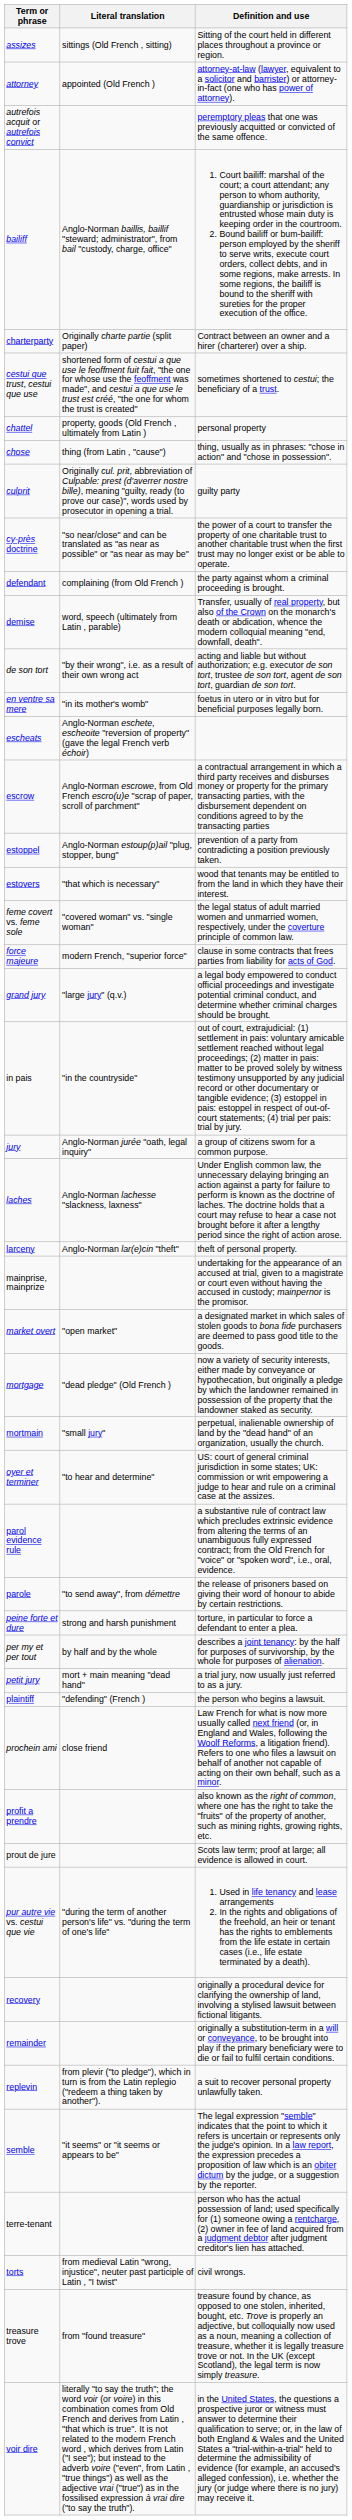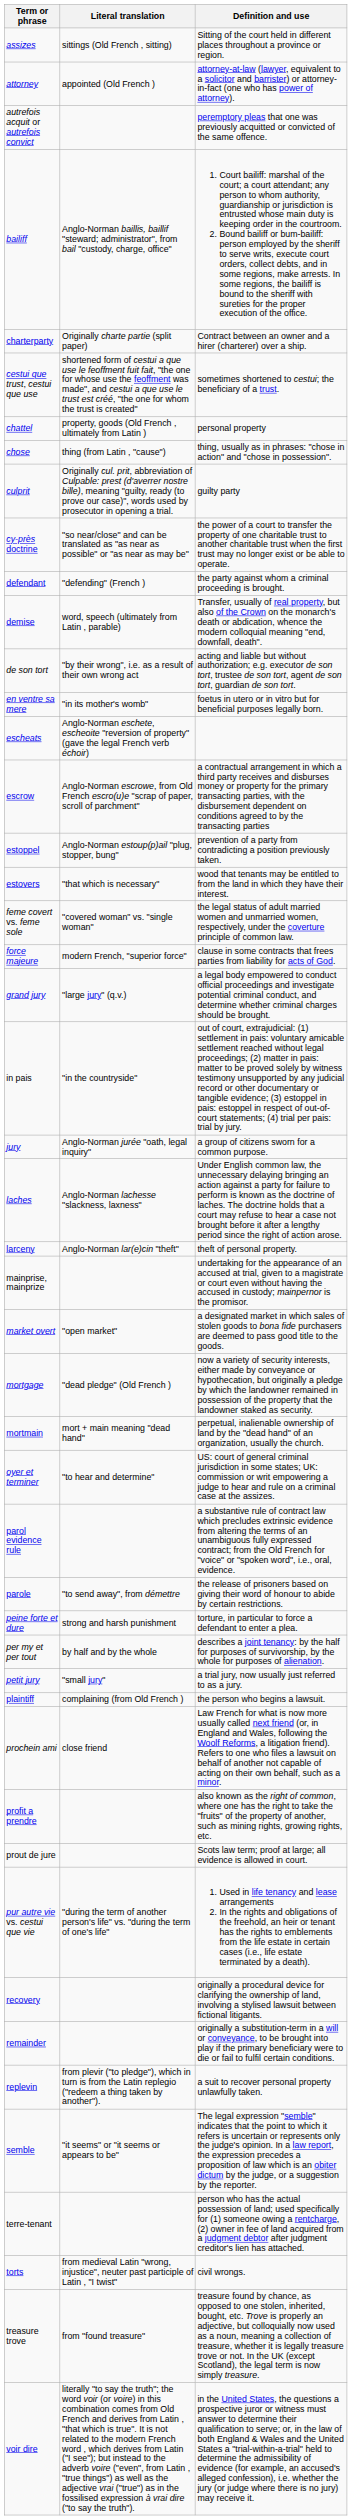 <table class="wikitable" width="100%">
 <tr>
 <th>Term or phrase</th>
 <th>Literal translation</th>
 <th>Definition and use</th>
 </tr>
 <tr>
 <td> <em><a href='#'>assizes</a></em></td>
 <td>sittings (Old French <em></em>, sitting)</td>
 <td>Sitting of the court held in different places throughout a province or region.</td>
 </tr>
 <tr>
 <td><em><a href='#'>attorney</a></em></td>
 <td>appointed (Old French <em></em>)</td>
 <td><a href='#'>attorney-at-law</a> (<a href='#'>lawyer</a>, equivalent to a <a href='#'>solicitor</a> and <a href='#'>barrister</a>) or attorney-in-fact (one who has <a href='#'>power of attorney</a>).</td>
 </tr>
 <tr>
 <td><em>autrefois acquit</em> or <em><a href='#'>autrefois convict</a></em></td>
 <td></td>
 <td><a href='#'>peremptory pleas</a> that one was previously acquitted or convicted of the same offence.</td>
 </tr>
 <tr>
 <td> <em><a href='#'>bailiff</a></em></td>
 <td>Anglo-Norman <em>baillis, baillif</em> "steward; administrator", from <em>bail</em> "custody, charge, office"</td>
 <td><br><ol><li>Court bailiff: marshal of the court; a court attendant; any person to whom authority, guardianship or jurisdiction is entrusted whose main duty is keeping order in the courtroom.</li><li>Bound bailiff or bum-bailiff: person employed by the sheriff to serve writs, execute court orders, collect debts, and in some regions, make arrests. In some regions, the bailiff is bound to the sheriff with sureties for the proper execution of the office.</li></ol></td>
 </tr>
 <tr>
 <td> <a href='#'>charterparty</a></td>
 <td>Originally <em>charte partie</em> (split paper)</td>
 <td>Contract between an owner and a hirer (charterer) over a ship.</td>
 </tr>
 <tr>
 <td> <em><a href='#'>cestui que</a> trust</em>, <em>cestui que use</em></td>
 <td>shortened form of <em>cestui a que use le feoffment fuit fait</em>, "the one for whose use the <a href='#'>feoffment</a> was made", and <em>cestui a que use le trust est créé</em>, "the one for whom the trust is created"</td>
 <td>sometimes shortened to <em>cestui</em>; the beneficiary of a <a href='#'>trust</a>.</td>
 </tr>
 <tr>
 <td><em><a href='#'>chattel</a></em></td>
 <td>property, goods (Old French <em></em>, ultimately from Latin <em></em>)</td>
 <td>personal property</td>
 </tr>
 <tr>
 <td><em><a href='#'>chose</a></em></td>
 <td>thing (from Latin <em></em>, "cause")</td>
 <td>thing, usually as in phrases: "chose in action" and "chose in possession".</td>
 </tr>
 <tr>
 <td><em><a href='#'>culprit</a></em></td>
 <td>Originally <em>cul. prit</em>, abbreviation of <em>Culpable: prest (d'averrer nostre bille)</em>, meaning "guilty, ready (to prove our case)", words used by prosecutor in opening a trial.</td>
 <td>guilty party</td>
 </tr>
 <tr>
 <td><a href='#'><em>cy-près</em> doctrine</a></td>
 <td>"so near/close" and can be translated as "as near as possible" or "as near as may be"</td>
 <td>the power of a court to transfer the property of one charitable trust to another charitable trust when the first trust may no longer exist or be able to operate.</td>
 </tr>
 <tr>
 <td><a href='#'>defendant</a></td>
-<td>complaining (from Old French <em></em>)</td>
+<td>"defending" (French <em></em>)</td>
 <td>the party against whom a criminal proceeding is brought.</td>
 </tr>
 <tr>
 <td><a href='#'>demise</a></td>
 <td>word, speech (ultimately from Latin <em></em>, parable)</td>
 <td>Transfer, usually of <a href='#'>real property</a>, but also <a href='#'>of the Crown</a> on the monarch's death or abdication, whence the modern colloquial meaning "end, downfall, death".</td>
 </tr>
 <tr>
 <td><em>de son tort</em></td>
 <td>"by their wrong", i.e. as a result of their own wrong act</td>
 <td>acting and liable but without authorization; e.g. executor <em>de son tort</em>, trustee <em>de son tort</em>, agent <em>de son tort</em>, guardian <em>de son tort</em>.</td>
 </tr>
 <tr>
 <td><em><a href='#'>en ventre sa mere</a></em></td>
 <td>"in its mother's womb"</td>
 <td>foetus in utero or in vitro but for beneficial purposes legally born.</td>
 </tr>
 <tr>
 <td> <em><a href='#'>escheats</a></em></td>
 <td>Anglo-Norman <em>eschete</em>, <em>escheoite</em> "reversion of property" (gave the legal French verb <em>échoir</em>)</td>
 <td></td>
 </tr>
 <tr>
 <td><a href='#'>escrow</a></td>
 <td>Anglo-Norman <em>escrowe</em>, from Old French <em>escro(u)e</em> "scrap of paper, scroll of parchment"</td>
 <td>a contractual arrangement in which a third party receives and disburses money or property for the primary transacting parties, with the disbursement dependent on conditions agreed to by the transacting parties</td>
 </tr>
 <tr>
 <td><a href='#'>estoppel</a></td>
 <td>Anglo-Norman <em>estoup(p)ail</em> "plug, stopper, bung"</td>
 <td>prevention of a party from contradicting a position previously taken.</td>
 </tr>
 <tr>
 <td><a href='#'>estovers</a></td>
 <td>"that which is necessary"</td>
 <td>wood that tenants may be entitled to from the land in which they have their interest.</td>
 </tr>
 <tr>
 <td><em>feme covert</em> vs. <em>feme sole</em></td>
 <td>"covered woman" vs. "single woman"</td>
 <td>the legal status of adult married women and unmarried women, respectively, under the <a href='#'>coverture</a> principle of common law.</td>
 </tr>
 <tr>
 <td> <em><a href='#'>force majeure</a></em></td>
 <td>modern French, "superior force"</td>
 <td>clause in some contracts that frees parties from liability for <a href='#'>acts of God</a>.</td>
 </tr>
 <tr>
 <td> <em><a href='#'>grand jury</a></em></td>
 <td>"large <a href='#'>jury</a>" (q.v.)</td>
 <td>a legal body empowered to conduct official proceedings and investigate potential criminal conduct, and determine whether criminal charges should be brought.</td>
 </tr>
 <tr>
 <td> in pais</td>
 <td>"in the countryside"</td>
 <td>out of court, extrajudicial: (1) settlement in pais: voluntary amicable settlement reached without legal proceedings; (2) matter in pais: matter to be proved solely by witness testimony unsupported by any judicial record or other documentary or tangible evidence; (3) estoppel in pais: estoppel in respect of out-of-court statements; (4) trial per pais: trial by jury.</td>
 </tr>
 <tr>
 <td> <em><a href='#'>jury</a></em></td>
 <td>Anglo-Norman <em>jurée</em> "oath, legal inquiry"</td>
 <td>a group of citizens sworn for a common purpose.</td>
 </tr>
 <tr>
 <td> <em><a href='#'>laches</a></em></td>
 <td>Anglo-Norman <em>lachesse</em> "slackness, laxness"</td>
 <td>Under English common law, the unnecessary delaying bringing an action against a party for failure to perform is known as the doctrine of laches. The doctrine holds that a court may refuse to hear a case not brought before it after a lengthy period since the right of action arose.</td>
 </tr>
 <tr>
 <td><a href='#'>larceny</a></td>
 <td>Anglo-Norman <em>lar(e)cin</em> "theft"</td>
 <td>theft of personal property.</td>
 </tr>
 <tr>
 <td> mainprise, mainprize</td>
 <td></td>
 <td>undertaking for the appearance of an accused at trial, given to a magistrate or court even without having the accused in custody; <em>mainpernor</em> is the promisor.</td>
 </tr>
 <tr>
 <td><em><a href='#'>market overt</a></em></td>
 <td>"open market"</td>
 <td>a designated market in which sales of stolen goods to <em>bona fide</em> purchasers are deemed to pass good title to the goods.</td>
 </tr>
 <tr>
 <td><em><a href='#'>mortgage</a></em></td>
 <td>"dead pledge" (Old French <em></em>)</td>
 <td>now a variety of security interests, either made by conveyance or hypothecation, but originally a pledge by which the landowner remained in possession of the property that the landowner staked as security.</td>
 </tr>
 <tr>
 <td><a href='#'>mortmain</a></td>
-<td>"small <a href='#'>jury</a>"</td>
+<td>mort + main meaning "dead hand"</td>
 <td>perpetual, inalienable ownership of land by the "dead hand" of an organization, usually the church.</td>
 </tr>
 <tr>
 <td> <em><a href='#'>oyer et terminer</a></em></td>
 <td>"to hear and determine"</td>
 <td>US: court of general criminal jurisdiction in some states; UK: commission or writ empowering a judge to hear and rule on a criminal case at the assizes.</td>
 </tr>
 <tr>
 <td> <a href='#'>parol evidence rule</a></td>
 <td></td>
 <td>a substantive rule of contract law which precludes extrinsic evidence from altering the terms of an unambiguous fully expressed contract; from the Old French for "voice" or "spoken word", i.e., oral, evidence.</td>
 </tr>
 <tr>
 <td><a href='#'>parole</a></td>
 <td>"to send away", from <em>démettre</em></td>
 <td>the release of prisoners based on giving their word of honour to abide by certain restrictions.</td>
 </tr>
 <tr>
 <td><em><a href='#'>peine forte et dure</a></em></td>
 <td>strong and harsh punishment</td>
 <td>torture, in particular to force a defendant to enter a plea.</td>
 </tr>
 <tr>
 <td><em>per my et per tout</em></td>
 <td>by half and by the whole</td>
 <td>describes a <a href='#'>joint tenancy</a>: by the half for purposes of survivorship, by the whole for purposes of <a href='#'>alienation</a>.</td>
 </tr>
 <tr>
 <td><em><a href='#'>petit jury</a></em></td>
-<td>mort + main meaning "dead hand"</td>
+<td>"small <a href='#'>jury</a>"</td>
 <td>a trial jury, now usually just referred to as a jury.</td>
 </tr>
 <tr>
 <td><a href='#'>plaintiff</a></td>
-<td>"defending" (French <em></em>)</td>
+<td>complaining (from Old French <em></em>)</td>
 <td>the person who begins a lawsuit.</td>
 </tr>
 <tr>
 <td><em>prochein ami</em></td>
 <td>close friend</td>
 <td>Law French for what is now more usually called <a href='#'>next friend</a> (or, in England and Wales, following the <a href='#'>Woolf Reforms</a>, a litigation friend). Refers to one who files a lawsuit on behalf of another not capable of acting on their own behalf, such as a <a href='#'>minor</a>.</td>
 </tr>
 <tr>
 <td><a href='#'>profit a prendre</a></td>
 <td></td>
 <td>also known as the <em>right of common</em>, where one has the right to take the "fruits" of the property of another, such as mining rights, growing rights, etc.</td>
 </tr>
 <tr>
 <td>prout de jure</td>
 <td></td>
 <td>Scots law term; proof at large; all evidence is allowed in court.</td>
 </tr>
 <tr>
 <td><em><a href='#'>pur autre vie</a></em> vs. <em>cestui que vie</em></td>
 <td>"during the term of another person's life" vs. "during the term of one's life"</td>
 <td><br><ol><li>Used in <a href='#'>life tenancy</a> and <a href='#'>lease</a> arrangements</li><li>In the rights and obligations of the freehold, an heir or tenant has the rights to emblements from the life estate in certain cases (i.e., life estate terminated by a death).</li></ol></td>
 </tr>
 <tr>
 <td><a href='#'>recovery</a></td>
 <td></td>
 <td>originally a procedural device for clarifying the ownership of land, involving a stylised lawsuit between fictional litigants.</td>
 </tr>
 <tr>
 <td><a href='#'>remainder</a></td>
 <td></td>
 <td>originally a substitution-term in a <a href='#'>will</a> or <a href='#'>conveyance</a>, to be brought into play if the primary beneficiary were to die or fail to fulfil certain conditions.</td>
 </tr>
 <tr>
 <td><a href='#'>replevin</a></td>
 <td>from plevir ("to pledge"), which in turn is from the Latin replegio ("redeem a thing taken by another").</td>
 <td>a suit to recover personal property unlawfully taken.</td>
 </tr>
 <tr>
 <td><a href='#'>semble</a></td>
 <td>"it seems" or  "it seems or appears to be"</td>
 <td>The legal expression "<a href='#'>semble</a>" indicates that the point to which it refers is uncertain or represents only the judge's opinion. In a <a href='#'>law report</a>, the expression precedes a proposition of law which is an <a href='#'>obiter dictum</a> by the judge, or a suggestion by the reporter.</td>
 </tr>
 <tr>
 <td>terre-tenant</td>
 <td></td>
 <td>person who has the actual possession of land; used specifically for (1) someone owing a <a href='#'>rentcharge</a>, (2) owner in fee of land acquired from a <a href='#'>judgment debtor</a> after judgment creditor's lien has attached.</td>
 </tr>
 <tr>
 <td><a href='#'>torts</a></td>
 <td>from medieval Latin <em></em> "wrong, injustice", neuter past participle of Latin <em></em>, "I twist"</td>
 <td>civil wrongs.</td>
 </tr>
 <tr>
 <td>treasure trove</td>
 <td>from  "found treasure"</td>
 <td>treasure found by chance, as opposed to one stolen, inherited, bought, etc. <em>Trove</em> is properly an adjective, but colloquially now used as a noun, meaning a collection of treasure, whether it is legally treasure trove or not. In the UK (except Scotland), the legal term is now simply <em>treasure</em>.</td>
 </tr>
 <tr>
 <td><a href='#'>voir dire</a></td>
 <td>literally "to say the truth"; the word <em>voir</em> (or <em>voire</em>) in this combination comes from Old French and derives from Latin <em></em>, "that which is true". It is not related to the modern French word <em></em>, which derives from Latin <em></em> ("I see"); but instead to the adverb <em>voire</em> ("even", from Latin <em></em>, "true things") as well as the adjective <em>vrai</em> ("true") as in the fossilised expression <em>à vrai dire</em> ("to say the truth").</td>
 <td>in the <a href='#'>United States</a>, the questions a prospective juror or witness must answer to determine their qualification to serve; or, in the law of both England & Wales and the United States a "trial-within-a-trial" held to determine the admissibility of evidence (for example, an accused's alleged confession), i.e. whether the jury (or judge where there is no jury) may receive it.</td>
 </tr>
 </table>
